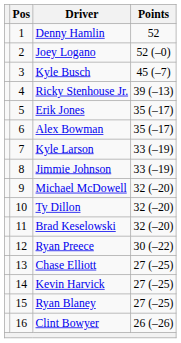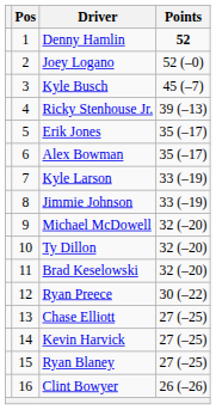 <table class="wikitable" style="font-size: 95%">
 <tr>
 <th></th>
 <th>Pos</th>
 <th>Driver</th>
 <th>Points</th>
 </tr>
 <tr>
 <td align="left"></td>
 <td style="text-align:center;">1</td>
 <td><a href='#'>Denny Hamlin</a></td>
-<td style="text-align:center;">52</td>
+<td style="text-align:center;"><strong>52</strong></td>
 </tr>
 <tr>
 <td align="left"></td>
 <td style="text-align:center;">2</td>
 <td><a href='#'>Joey Logano</a></td>
 <td style="text-align:center;">52 (–0)</td>
 </tr>
 <tr>
 <td align="left"></td>
 <td style="text-align:center;">3</td>
 <td><a href='#'>Kyle Busch</a></td>
 <td style="text-align:center;">45 (–7)</td>
 </tr>
 <tr>
 <td align="left"></td>
 <td style="text-align:center;">4</td>
 <td><a href='#'>Ricky Stenhouse Jr.</a></td>
 <td style="text-align:center;">39 (–13)</td>
 </tr>
 <tr>
 <td align="left"></td>
 <td style="text-align:center;">5</td>
 <td><a href='#'>Erik Jones</a></td>
 <td style="text-align:center;">35 (–17)</td>
 </tr>
 <tr>
 <td align="left"></td>
 <td style="text-align:center;">6</td>
 <td><a href='#'>Alex Bowman</a></td>
 <td style="text-align:center;">35 (–17)</td>
 </tr>
 <tr>
 <td align="left"></td>
 <td style="text-align:center;">7</td>
 <td><a href='#'>Kyle Larson</a></td>
 <td style="text-align:center;">33 (–19)</td>
 </tr>
 <tr>
 <td align="left"></td>
 <td style="text-align:center;">8</td>
 <td><a href='#'>Jimmie Johnson</a></td>
 <td style="text-align:center;">33 (–19)</td>
 </tr>
 <tr>
 <td align="left"></td>
 <td style="text-align:center;">9</td>
 <td><a href='#'>Michael McDowell</a></td>
 <td style="text-align:center;">32 (–20)</td>
 </tr>
 <tr>
 <td align="left"></td>
 <td style="text-align:center;">10</td>
 <td><a href='#'>Ty Dillon</a></td>
 <td style="text-align:center;">32 (–20)</td>
 </tr>
 <tr>
 <td align="left"></td>
 <td style="text-align:center;">11</td>
 <td><a href='#'>Brad Keselowski</a></td>
 <td style="text-align:center;">32 (–20)</td>
 </tr>
 <tr>
 <td align="left"></td>
 <td style="text-align:center;">12</td>
 <td><a href='#'>Ryan Preece</a></td>
 <td style="text-align:center;">30 (–22)</td>
 </tr>
 <tr>
 <td align="left"></td>
 <td style="text-align:center;">13</td>
 <td><a href='#'>Chase Elliott</a></td>
 <td style="text-align:center;">27 (–25)</td>
 </tr>
 <tr>
 <td align="left"></td>
 <td style="text-align:center;">14</td>
 <td><a href='#'>Kevin Harvick</a></td>
 <td style="text-align:center;">27 (–25)</td>
 </tr>
 <tr>
 <td align="left"></td>
 <td style="text-align:center;">15</td>
 <td><a href='#'>Ryan Blaney</a></td>
 <td style="text-align:center;">27 (–25)</td>
 </tr>
 <tr>
 <td align="left"></td>
 <td style="text-align:center;">16</td>
 <td><a href='#'>Clint Bowyer</a></td>
 <td style="text-align:center;">26 (–26)</td>
 </tr>
 <tr class="sortbottom">
 <th colspan="9"></th>
 </tr>
 </table>
